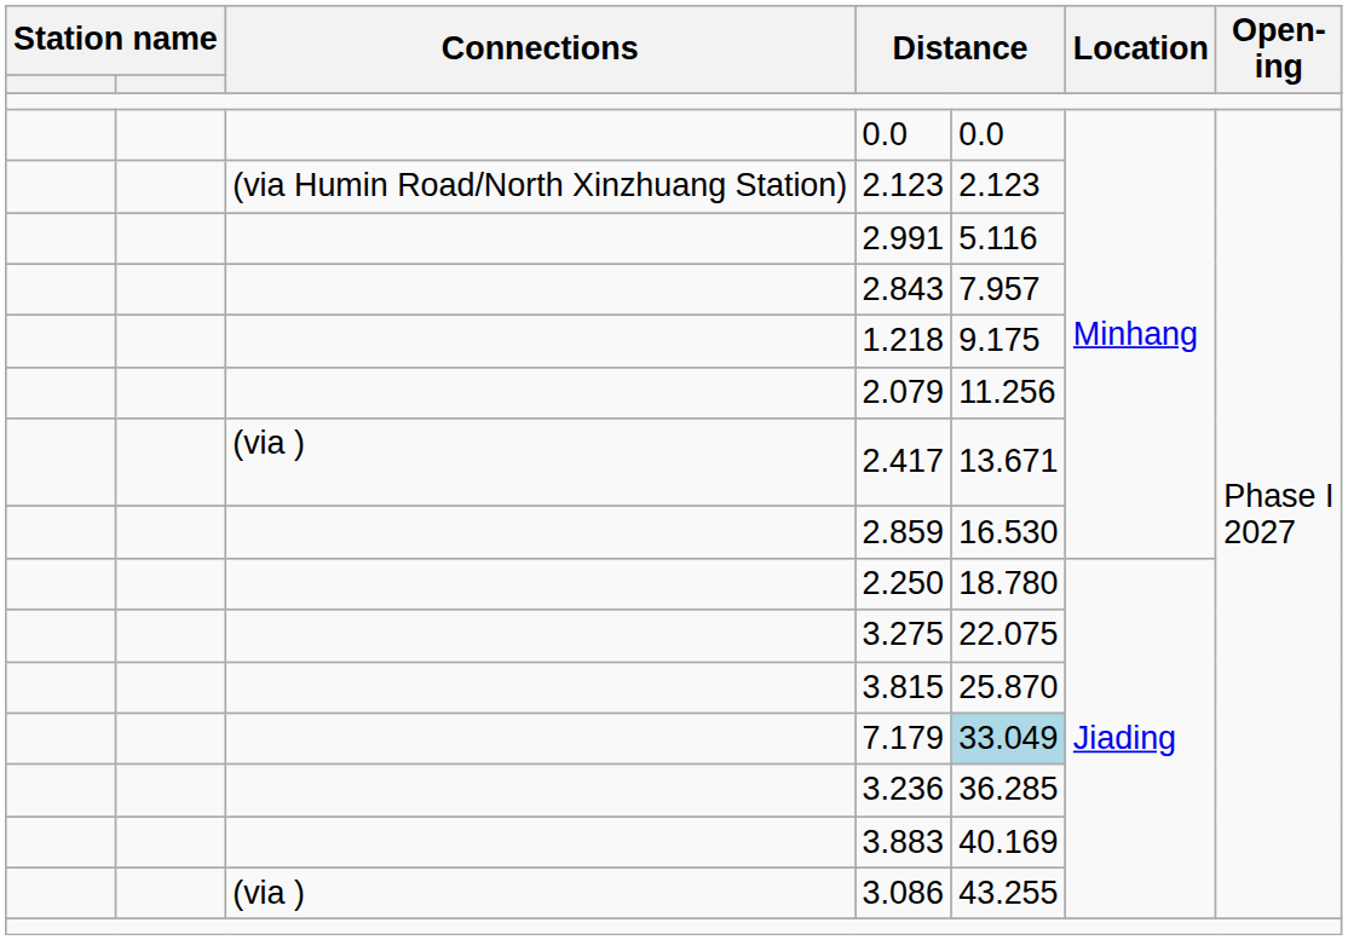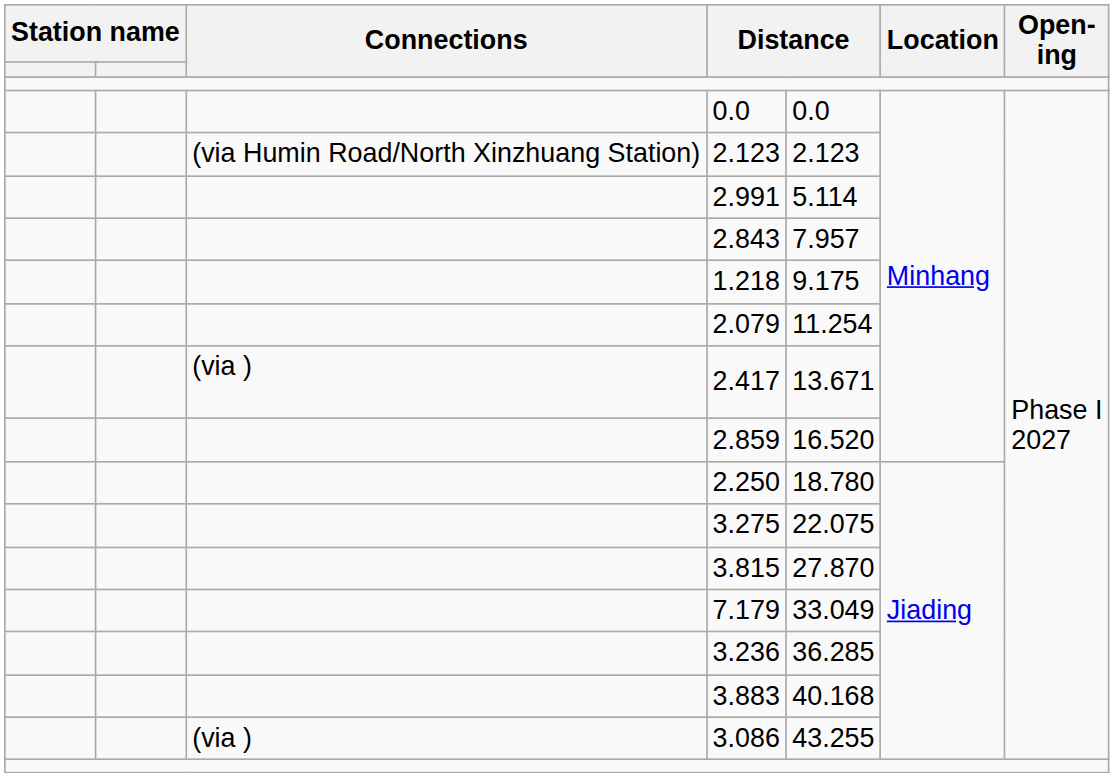 <table class="wikitable">
 <tr>
 <th colspan="2">Station name</th>
 <th rowspan="2">Connections</th>
 <th colspan="2" rowspan="2">Distance<br></th>
 <th rowspan="2">Location</th>
 <th rowspan="2">Open-<br>ing</th>
 </tr>
 <tr>
 <th></th>
 <th></th>
 </tr>
 <tr style="background:#">
 <td colspan = "7"></td>
 </tr>
 <tr>
 <td></td>
 <td></td>
 <td></td>
 <td>0.0</td>
 <td>0.0</td>
 <td rowspan="8"><a href='#'>Minhang</a></td>
 <td rowspan="15">Phase I<br> 2027</td>
 </tr>
 <tr>
 <td></td>
 <td></td>
 <td> (via Humin Road/North Xinzhuang Station)</td>
 <td>2.123</td>
 <td>2.123</td>
 </tr>
 <tr>
 <td></td>
 <td></td>
 <td></td>
 <td>2.991</td>
-<td>5.116</td>
+<td>5.114</td>
 </tr>
 <tr>
 <td></td>
 <td></td>
 <td></td>
 <td>2.843</td>
 <td>7.957</td>
 </tr>
 <tr>
 <td></td>
 <td></td>
 <td></td>
 <td>1.218</td>
 <td>9.175</td>
 </tr>
 <tr>
 <td></td>
 <td></td>
 <td></td>
 <td>2.079</td>
-<td>11.256</td>
+<td>11.254</td>
 </tr>
 <tr>
 <td></td>
 <td></td>
 <td> (via )<br> <br></td>
 <td>2.417</td>
 <td>13.671</td>
 </tr>
 <tr>
 <td></td>
 <td></td>
 <td></td>
 <td>2.859</td>
-<td>16.530</td>
+<td>16.520</td>
 </tr>
 <tr>
 <td></td>
 <td></td>
 <td></td>
 <td>2.250</td>
 <td>18.780</td>
 <td rowspan="7"><a href='#'>Jiading</a></td>
 </tr>
 <tr>
 <td></td>
 <td></td>
 <td></td>
 <td>3.275</td>
 <td>22.075</td>
 </tr>
 <tr>
 <td></td>
 <td></td>
 <td></td>
 <td>3.815</td>
-<td>25.870</td>
+<td>27.870</td>
 </tr>
 <tr>
 <td></td>
 <td></td>
 <td></td>
 <td>7.179</td>
-<td style="background: lightblue;">33.049</td>
+<td>33.049</td>
 </tr>
 <tr>
 <td></td>
 <td></td>
 <td></td>
 <td>3.236</td>
 <td>36.285</td>
 </tr>
 <tr>
 <td></td>
 <td></td>
 <td></td>
 <td>3.883</td>
-<td>40.169</td>
+<td>40.168</td>
 </tr>
 <tr>
 <td></td>
 <td></td>
 <td> (via )</td>
 <td>3.086</td>
 <td>43.255</td>
 </tr>
 <tr style="background:#">
 <td colspan = "7"></td>
 </tr>
 </table>
